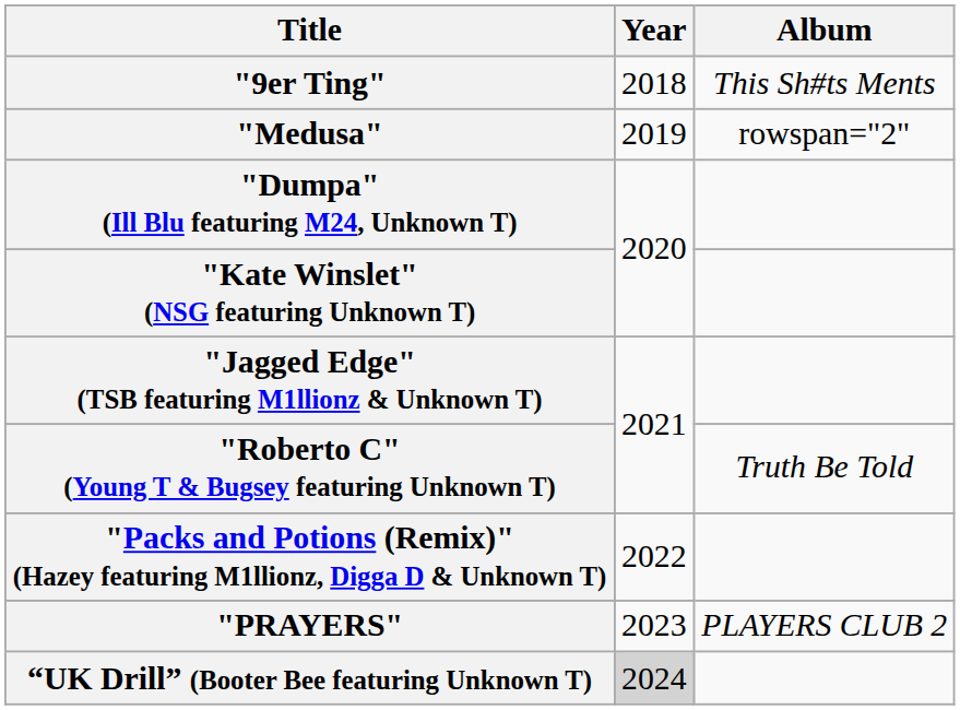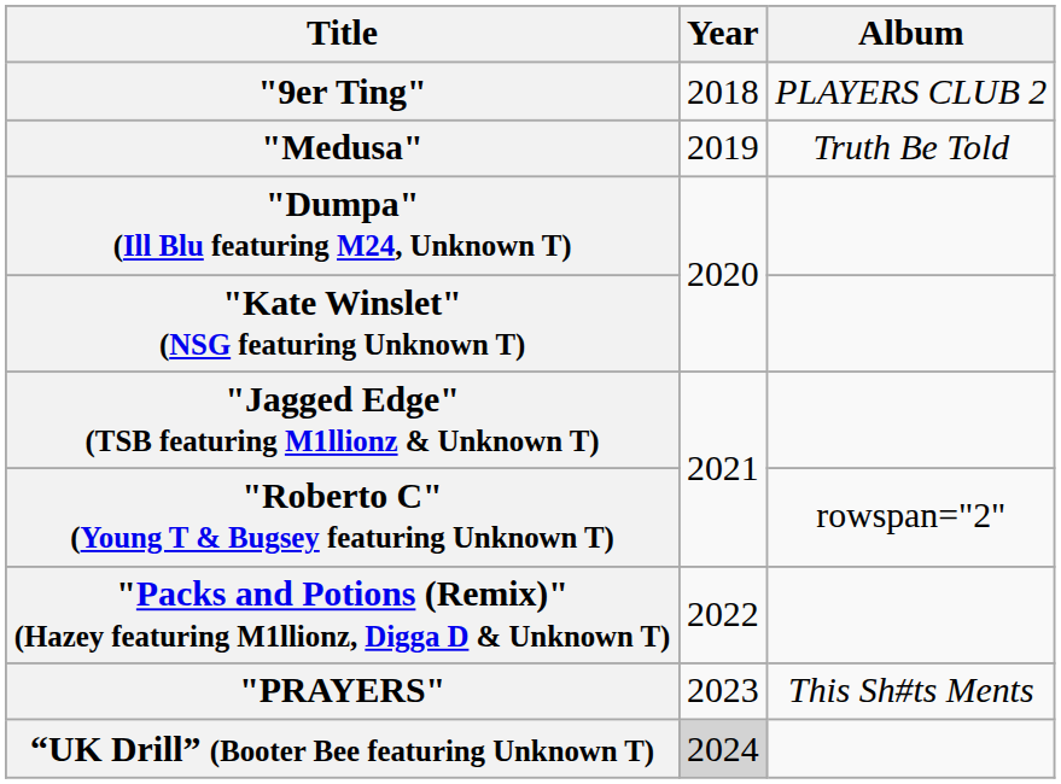 <table class="wikitable plainrowheaders" style="text-align:center;">
 <tr>
 <th scope="col">Title</th>
 <th scope="col">Year</th>
 <th scope="col">Album</th>
 </tr>
 <tr>
 <th scope="row">"9er Ting"<br></th>
 <td>2018</td>
-<td><em>This Sh#ts Ments</em></td>
+<td><em>PLAYERS CLUB 2</em></td>
 </tr>
 <tr>
 <th scope="row">"Medusa"<br></th>
 <td>2019</td>
-<td>rowspan="2" </td>
+<td><em>Truth Be Told</em></td>
 </tr>
 <tr>
 <th scope="row">"Dumpa"<br><small>(<a href='#'>Ill Blu</a> featuring <a href='#'>M24</a>, Unknown T)</small></th>
 <td rowspan="2">2020</td>
 </tr>
 <tr>
 <th scope="row">"Kate Winslet"<br><small>(<a href='#'>NSG</a> featuring Unknown T)</small></th>
 <td></td>
 </tr>
 <tr>
 <th scope="row">"Jagged Edge"<br><small>(TSB featuring <a href='#'>M1llionz</a> & Unknown T)</small></th>
 <td rowspan="2">2021</td>
 <td></td>
 </tr>
 <tr>
 <th scope="row">"Roberto C"<br><small>(<a href='#'>Young T & Bugsey</a> featuring Unknown T)</small></th>
-<td><em>Truth Be Told</em></td>
+<td>rowspan="2" </td>
 </tr>
 <tr>
 <th scope="row">"<a href='#'>Packs and Potions</a> (Remix)"<br><small>(Hazey featuring M1llionz, <a href='#'>Digga D</a> & Unknown T)</small></th>
 <td rowspan="1">2022</td>
 </tr>
 <tr>
 <th scope="row">"PRAYERS"</th>
 <td>2023</td>
-<td><em>PLAYERS CLUB 2</em></td>
+<td><em>This Sh#ts Ments</em></td>
 </tr>
 <tr>
 <th>“UK Drill” <small>(Booter Bee featuring Unknown T)</small></th>
 <td style="background: lightgrey;">2024</td>
 <td></td>
 </tr>
 </table>
